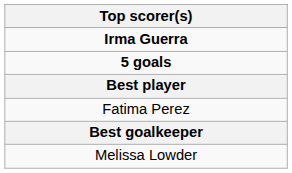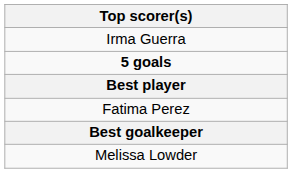 <table class="wikitable" style="margin: 1em auto 1em auto;">
 <tr>
 <th width=300>Top scorer(s)</th>
 </tr>
 <tr align=center style="background:">
-<td style="text-align:center;"><strong> Irma Guerra</strong></td>
+<td style="text-align:center;"> Irma Guerra</td>
 </tr>
 <tr>
 <td style="text-align:center;"><strong>5 goals</strong></td>
 </tr>
 <tr>
 <th>Best player</th>
 </tr>
 <tr>
 <td style="text-align:center;"> Fatima Perez</td>
 </tr>
 <tr>
 <th>Best goalkeeper</th>
 </tr>
 <tr>
 <td style="text-align:center;"> Melissa Lowder</td>
 </tr>
 </table>
